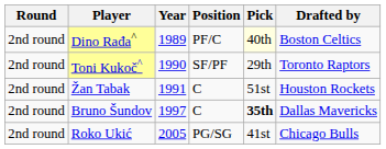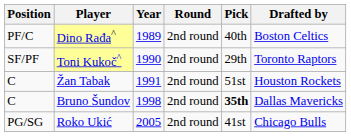 <table class="wikitable sortable" style="text-align: left;">
 <tr>
-<th>Round</th>
+<th>Position</th>
 <th>Player</th>
 <th>Year</th>
-<th>Position</th>
+<th>Round</th>
 <th>Pick</th>
 <th>Drafted by</th>
 </tr>
 <tr>
-<td>2nd round</td>
+<td>PF/C</td>
 <td bgcolor="#FFFF99"> <a href='#'>Dino Rađa</a><sup>^</sup></td>
 <td><a href='#'>1989</a></td>
-<td>PF/C</td>
-<td style="background: lightyellow;">40th</td>
+<td>2nd round</td>
+<td>40th</td>
 <td><a href='#'>Boston Celtics</a></td>
 </tr>
 <tr>
-<td>2nd round</td>
+<td>SF/PF</td>
 <td bgcolor="#FFFF99"> <a href='#'>Toni Kukoč<sup>^</sup></a></td>
 <td><a href='#'>1990</a></td>
-<td>SF/PF</td>
+<td>2nd round</td>
 <td>29th</td>
 <td><a href='#'>Toronto Raptors</a></td>
 </tr>
 <tr>
-<td>2nd round</td>
+<td>C</td>
 <td> <a href='#'>Žan Tabak</a></td>
 <td><a href='#'>1991</a></td>
-<td>C</td>
+<td>2nd round</td>
 <td>51st</td>
 <td><a href='#'>Houston Rockets</a></td>
 </tr>
 <tr>
+<td>C</td>
+<td> <a href='#'>Bruno Šundov</a></td>
+<td><a href='#'>1998</a></td>
 <td>2nd round</td>
-<td> <a href='#'>Bruno Šundov</a></td>
-<td><a href='#'>1997</a></td>
-<td>C</td>
 <td><strong>35th</strong></td>
 <td><a href='#'>Dallas Mavericks</a></td>
 </tr>
 <tr>
-<td>2nd round</td>
+<td>PG/SG</td>
 <td> <a href='#'>Roko Ukić</a></td>
 <td><a href='#'>2005</a></td>
-<td>PG/SG</td>
+<td>2nd round</td>
 <td>41st</td>
 <td><a href='#'>Chicago Bulls</a></td>
 </tr>
 </table>
